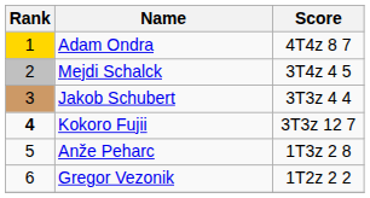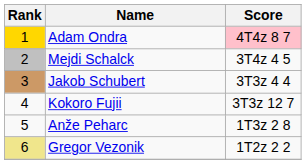 <table class="wikitable">
 <tr>
 <th>Rank</th>
 <th width = "200">Name</th>
 <th width = "80">Score</th>
 </tr>
 <tr>
 <td align="center" style="background: gold">1</td>
 <td> <a href='#'>Adam Ondra</a></td>
-<td align="center">4T4z 8 7</td>
+<td align="center" style="background: pink;">4T4z 8 7</td>
 </tr>
 <tr>
 <td align="center" style="background: silver">2</td>
 <td> <a href='#'>Mejdi Schalck</a></td>
 <td align="center">3T4z 4 5</td>
 </tr>
 <tr>
 <td align="center" style="background: #cc9966">3</td>
 <td> <a href='#'>Jakob Schubert</a></td>
 <td align="center">3T3z 4 4</td>
 </tr>
 <tr>
-<td align="center"><strong>4</strong></td>
+<td align="center">4</td>
 <td> <a href='#'>Kokoro Fujii</a></td>
 <td align="center">3T3z 12 7</td>
 </tr>
 <tr>
 <td align="center">5</td>
 <td> <a href='#'>Anže Peharc</a></td>
 <td align="center">1T3z 2 8</td>
 </tr>
 <tr>
-<td align="center">6</td>
+<td align="center" style="background: khaki;">6</td>
 <td> <a href='#'>Gregor Vezonik</a></td>
 <td align="center">1T2z 2 2</td>
 </tr>
 <tr>
 </tr>
 </table>
